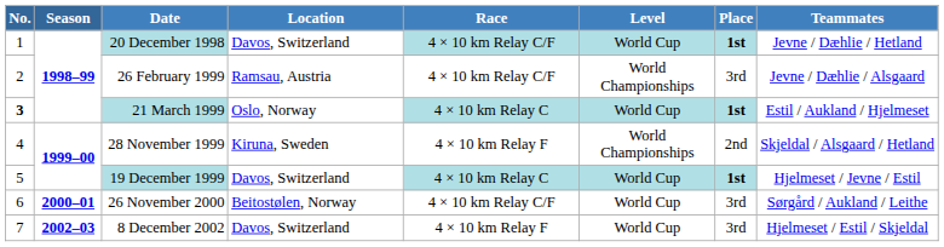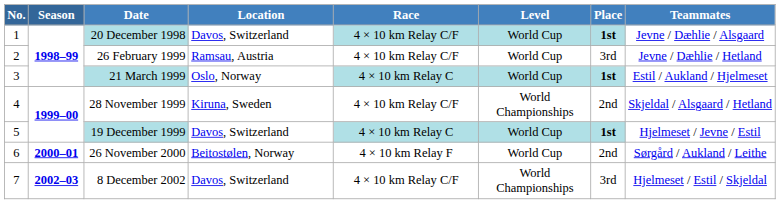 <table class="wikitable sortable" style="font-size:95%; text-align:center; border:grey solid 1px; border-collapse:collapse; background:#ffffff;">
 <tr style="background:#efefef;">
 <th style="background-color:#369; color:white;">No.</th>
 <th style="background-color:#369; color:white;">Season</th>
 <th style="background-color:#4180be; color:white; width:120px;">Date</th>
 <th style="background-color:#4180be; color:white; width:170px;">Location</th>
 <th style="background-color:#4180be; color:white; width:170px;">Race</th>
 <th style="background-color:#4180be; color:white; width:130px;">Level</th>
 <th style="background-color:#4180be; color:white;">Place</th>
 <th style="background-color:#4180be; color:white;">Teammates</th>
 </tr>
 <tr>
 <td align=center>1</td>
 <td rowspan=3 align=center><strong><a href='#'>1998–99</a></strong></td>
 <td bgcolor="#BOEOE6" align=right>20 December 1998</td>
 <td align=left> <a href='#'>Davos</a>, Switzerland</td>
 <td bgcolor="#BOEOE6">4 × 10 km Relay C/F</td>
 <td bgcolor="#BOEOE6">World Cup</td>
 <td bgcolor="#BOEOE6"><strong>1st</strong></td>
-<td><a href='#'>Jevne</a> / <a href='#'>Dæhlie</a> / <a href='#'>Hetland</a></td>
+<td><a href='#'>Jevne</a> / <a href='#'>Dæhlie</a> / <a href='#'>Alsgaard</a></td>
 </tr>
 <tr>
 <td align=center>2</td>
 <td align=right>26 February 1999</td>
 <td align=left> <a href='#'>Ramsau</a>, Austria</td>
 <td>4 × 10 km Relay C/F</td>
-<td>World Championships</td>
+<td>World Cup</td>
 <td>3rd</td>
-<td><a href='#'>Jevne</a> / <a href='#'>Dæhlie</a> / <a href='#'>Alsgaard</a></td>
+<td><a href='#'>Jevne</a> / <a href='#'>Dæhlie</a> / <a href='#'>Hetland</a></td>
 </tr>
 <tr>
-<td align=center><strong>3</strong></td>
+<td align=center>3</td>
 <td bgcolor="#BOEOE6" align=right>21 March 1999</td>
 <td align=left> <a href='#'>Oslo</a>, Norway</td>
 <td bgcolor="#BOEOE6">4 × 10 km Relay C</td>
 <td bgcolor="#BOEOE6">World Cup</td>
 <td bgcolor="#BOEOE6"><strong>1st</strong></td>
 <td><a href='#'>Estil</a> / <a href='#'>Aukland</a> / <a href='#'>Hjelmeset</a></td>
 </tr>
 <tr>
 <td align=center>4</td>
 <td rowspan=2 align=center><strong> <a href='#'>1999–00</a> </strong></td>
 <td align=right>28 November 1999</td>
 <td align=left> <a href='#'>Kiruna</a>, Sweden</td>
-<td>4 × 10 km Relay F</td>
+<td>4 × 10 km Relay C/F</td>
 <td>World Championships</td>
 <td>2nd</td>
 <td><a href='#'>Skjeldal</a> / <a href='#'>Alsgaard</a> / <a href='#'>Hetland</a></td>
 </tr>
 <tr>
 <td align=center>5</td>
 <td bgcolor="#BOEOE6" align=right>19 December 1999</td>
 <td align=left> <a href='#'>Davos</a>, Switzerland</td>
 <td bgcolor="#BOEOE6">4 × 10 km Relay C</td>
 <td bgcolor="#BOEOE6">World Cup</td>
 <td bgcolor="#BOEOE6"><strong>1st</strong></td>
 <td><a href='#'>Hjelmeset</a> / <a href='#'>Jevne</a> / <a href='#'>Estil</a></td>
 </tr>
 <tr>
 <td align=center>6</td>
 <td rowspan=1 align=center><strong> <a href='#'>2000–01</a> </strong></td>
 <td align=right>26 November 2000</td>
 <td align=left> <a href='#'>Beitostølen</a>, Norway</td>
-<td>4 × 10 km Relay C/F</td>
+<td>4 × 10 km Relay F</td>
 <td>World Cup</td>
-<td>3rd</td>
+<td>2nd</td>
 <td><a href='#'>Sørgård</a> / <a href='#'>Aukland</a> / <a href='#'>Leithe</a></td>
 </tr>
 <tr>
 <td align=center>7</td>
 <td rowspan=1 align=center><strong> <a href='#'>2002–03</a> </strong></td>
 <td align=right>8 December 2002</td>
 <td align=left> <a href='#'>Davos</a>, Switzerland</td>
-<td>4 × 10 km Relay F</td>
-<td>World Cup</td>
+<td>4 × 10 km Relay C/F</td>
+<td>World Championships</td>
 <td>3rd</td>
 <td><a href='#'>Hjelmeset</a> / <a href='#'>Estil</a> / <a href='#'>Skjeldal</a></td>
 </tr>
 </table>
